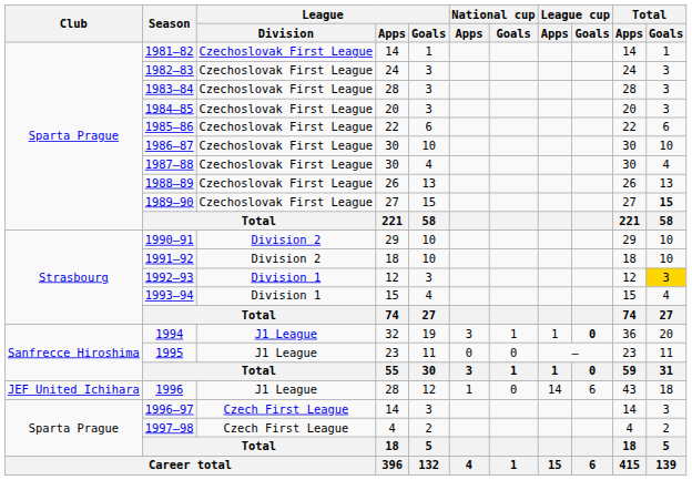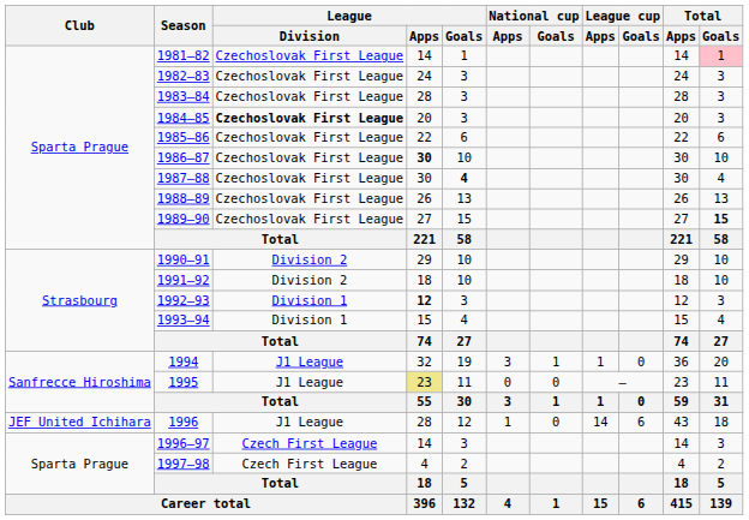 <table class="wikitable" style="text-align:center">
 <tr>
 <th rowspan="2">Club</th>
 <th rowspan="2">Season</th>
 <th colspan="3">League</th>
 <th colspan="2">National cup</th>
 <th colspan="2">League cup</th>
 <th colspan="2">Total</th>
 </tr>
 <tr>
 <th>Division</th>
 <th>Apps</th>
 <th>Goals</th>
 <th>Apps</th>
 <th>Goals</th>
 <th>Apps</th>
 <th>Goals</th>
 <th>Apps</th>
 <th>Goals</th>
 </tr>
 <tr>
 <td rowspan="10"><a href='#'>Sparta Prague</a></td>
 <td><a href='#'>1981–82</a></td>
 <td><a href='#'>Czechoslovak First League</a></td>
 <td>14</td>
 <td>1</td>
 <td></td>
 <td></td>
 <td></td>
 <td></td>
 <td>14</td>
-<td>1</td>
+<td style="background: pink;">1</td>
 </tr>
 <tr>
 <td><a href='#'>1982–83</a></td>
 <td>Czechoslovak First League</td>
 <td>24</td>
 <td>3</td>
 <td></td>
 <td></td>
 <td></td>
 <td></td>
 <td>24</td>
 <td>3</td>
 </tr>
 <tr>
 <td><a href='#'>1983–84</a></td>
 <td>Czechoslovak First League</td>
 <td>28</td>
 <td>3</td>
 <td></td>
 <td></td>
 <td></td>
 <td></td>
 <td>28</td>
 <td>3</td>
 </tr>
 <tr>
 <td><a href='#'>1984–85</a></td>
-<td>Czechoslovak First League</td>
+<td><strong>Czechoslovak First League</strong></td>
 <td>20</td>
 <td>3</td>
 <td></td>
 <td></td>
 <td></td>
 <td></td>
 <td>20</td>
 <td>3</td>
 </tr>
 <tr>
 <td><a href='#'>1985–86</a></td>
 <td>Czechoslovak First League</td>
 <td>22</td>
 <td>6</td>
 <td></td>
 <td></td>
 <td></td>
 <td></td>
 <td>22</td>
 <td>6</td>
 </tr>
 <tr>
 <td><a href='#'>1986–87</a></td>
 <td>Czechoslovak First League</td>
-<td>30</td>
+<td><strong>30</strong></td>
 <td>10</td>
 <td></td>
 <td></td>
 <td></td>
 <td></td>
 <td>30</td>
 <td>10</td>
 </tr>
 <tr>
 <td><a href='#'>1987–88</a></td>
 <td>Czechoslovak First League</td>
 <td>30</td>
-<td>4</td>
+<td><strong>4</strong></td>
 <td></td>
 <td></td>
 <td></td>
 <td></td>
 <td>30</td>
 <td>4</td>
 </tr>
 <tr>
 <td><a href='#'>1988–89</a></td>
 <td>Czechoslovak First League</td>
 <td>26</td>
 <td>13</td>
 <td></td>
 <td></td>
 <td></td>
 <td></td>
 <td>26</td>
 <td>13</td>
 </tr>
 <tr>
 <td><a href='#'>1989–90</a></td>
 <td>Czechoslovak First League</td>
 <td>27</td>
 <td>15</td>
 <td></td>
 <td></td>
 <td></td>
 <td></td>
 <td>27</td>
 <td><strong>15</strong></td>
 </tr>
 <tr>
 <th colspan="2">Total</th>
 <th>221</th>
 <th>58</th>
 <th></th>
 <th></th>
 <th></th>
 <th></th>
 <th>221</th>
 <th>58</th>
 </tr>
 <tr>
 <td rowspan="5"><a href='#'>Strasbourg</a></td>
 <td><a href='#'>1990–91</a></td>
 <td><a href='#'>Division 2</a></td>
 <td>29</td>
 <td>10</td>
 <td></td>
 <td></td>
 <td></td>
 <td></td>
 <td>29</td>
 <td>10</td>
 </tr>
 <tr>
 <td><a href='#'>1991–92</a></td>
 <td>Division 2</td>
 <td>18</td>
 <td>10</td>
 <td></td>
 <td></td>
 <td></td>
 <td></td>
 <td>18</td>
 <td>10</td>
 </tr>
 <tr>
 <td><a href='#'>1992–93</a></td>
 <td><a href='#'>Division 1</a></td>
-<td>12</td>
+<td><strong>12</strong></td>
 <td>3</td>
 <td></td>
 <td></td>
 <td></td>
 <td></td>
 <td>12</td>
-<td style="background: gold;">3</td>
+<td>3</td>
 </tr>
 <tr>
 <td><a href='#'>1993–94</a></td>
 <td>Division 1</td>
 <td>15</td>
 <td>4</td>
 <td></td>
 <td></td>
 <td></td>
 <td></td>
 <td>15</td>
 <td>4</td>
 </tr>
 <tr>
 <th colspan="2">Total</th>
 <th>74</th>
 <th>27</th>
 <th></th>
 <th></th>
 <th></th>
 <th></th>
 <th>74</th>
 <th>27</th>
 </tr>
 <tr>
 <td rowspan="3"><a href='#'>Sanfrecce Hiroshima</a></td>
 <td><a href='#'>1994</a></td>
 <td><a href='#'>J1 League</a></td>
 <td>32</td>
 <td>19</td>
 <td>3</td>
 <td>1</td>
 <td>1</td>
-<td><strong>0</strong></td>
+<td>0</td>
 <td>36</td>
 <td>20</td>
 </tr>
 <tr>
 <td><a href='#'>1995</a></td>
 <td>J1 League</td>
-<td>23</td>
+<td style="background: khaki;">23</td>
 <td>11</td>
 <td>0</td>
 <td>0</td>
 <td colspan="2">—</td>
 <td>23</td>
 <td>11</td>
 </tr>
 <tr>
 <th colspan="2">Total</th>
 <th>55</th>
 <th>30</th>
 <th>3</th>
 <th>1</th>
 <th>1</th>
 <th>0</th>
 <th>59</th>
 <th>31</th>
 </tr>
 <tr>
 <td><a href='#'>JEF United Ichihara</a></td>
 <td><a href='#'>1996</a></td>
 <td>J1 League</td>
 <td>28</td>
 <td>12</td>
 <td>1</td>
 <td>0</td>
 <td>14</td>
 <td>6</td>
 <td>43</td>
 <td>18</td>
 </tr>
 <tr>
 <td rowspan="3">Sparta Prague</td>
 <td><a href='#'>1996–97</a></td>
 <td><a href='#'>Czech First League</a></td>
 <td>14</td>
 <td>3</td>
 <td></td>
 <td></td>
 <td></td>
 <td></td>
 <td>14</td>
 <td>3</td>
 </tr>
 <tr>
 <td><a href='#'>1997–98</a></td>
 <td>Czech First League</td>
 <td>4</td>
 <td>2</td>
 <td></td>
 <td></td>
 <td></td>
 <td></td>
 <td>4</td>
 <td>2</td>
 </tr>
 <tr>
 <th colspan="2">Total</th>
 <th>18</th>
 <th>5</th>
 <th></th>
 <th></th>
 <th></th>
 <th></th>
 <th>18</th>
 <th>5</th>
 </tr>
 <tr>
 <th colspan="3">Career total</th>
 <th>396</th>
 <th>132</th>
 <th>4</th>
 <th>1</th>
 <th>15</th>
 <th>6</th>
 <th>415</th>
 <th>139</th>
 </tr>
 </table>
